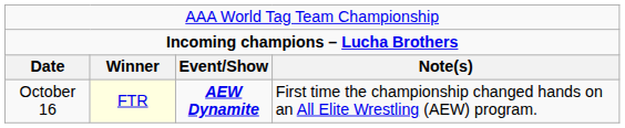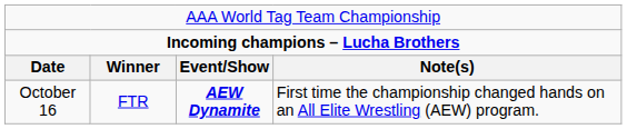 <table class="wikitable" style="text-align:center; width:100%;">
 <tr>
 <td colspan="4" style="text-align: center;"><a href='#'>AAA World Tag Team Championship</a></td>
 </tr>
 <tr>
 <td colspan="4" style="text-align: center;"><strong>Incoming champions – <a href='#'>Lucha Brothers</a> </strong></td>
 </tr>
 <tr>
 <th width=14%>Date</th>
 <th width=14%>Winner</th>
 <th width=14%>Event/Show</th>
 <th width=58%>Note(s)</th>
 </tr>
 <tr>
 <td>October 16</td>
-<td style="background: lightyellow;"><a href='#'>FTR</a><br></td>
+<td><a href='#'>FTR</a><br></td>
 <td><strong><em><a href='#'>AEW Dynamite</a></em></strong></td>
 <td align=left>First time the championship changed hands on an <a href='#'>All Elite Wrestling</a> (AEW) program.</td>
 </tr>
 </table>
